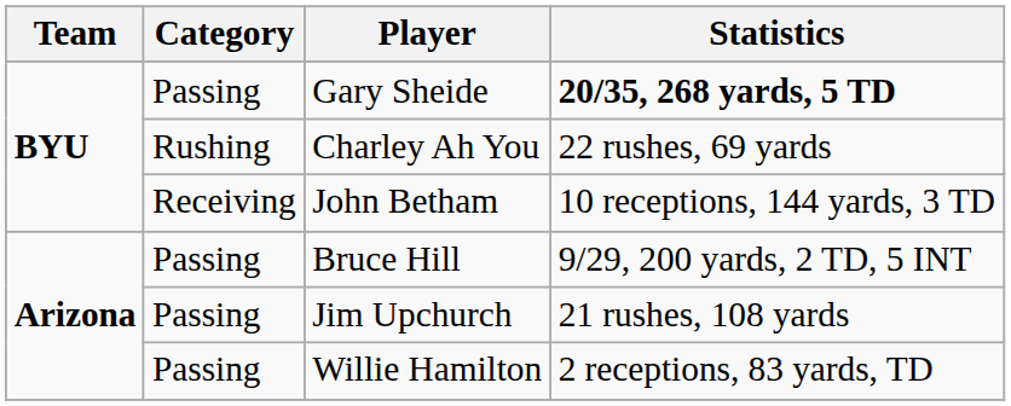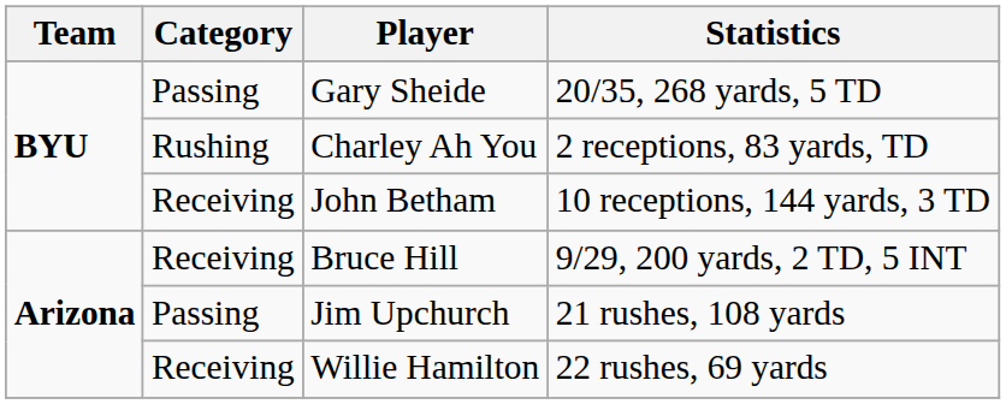 <table class="wikitable" style="float: left;">
 <tr>
 <th>Team</th>
 <th>Category</th>
 <th>Player</th>
 <th>Statistics</th>
 </tr>
 <tr>
 <td rowspan=3><strong>BYU</strong></td>
 <td>Passing</td>
 <td>Gary Sheide</td>
-<td><strong>20/35, 268 yards, 5 TD</strong></td>
+<td>20/35, 268 yards, 5 TD</td>
 </tr>
 <tr>
 <td>Rushing</td>
 <td>Charley Ah You</td>
-<td>22 rushes, 69 yards</td>
+<td>2 receptions, 83 yards, TD</td>
 </tr>
 <tr>
 <td>Receiving</td>
 <td>John Betham</td>
 <td>10 receptions, 144 yards, 3 TD</td>
 </tr>
 <tr>
 <td rowspan=3><strong>Arizona</strong></td>
-<td>Passing</td>
+<td>Receiving</td>
 <td>Bruce Hill</td>
 <td>9/29, 200 yards, 2 TD, 5 INT</td>
 </tr>
 <tr>
 <td>Passing</td>
 <td>Jim Upchurch</td>
 <td>21 rushes, 108 yards</td>
 </tr>
 <tr>
-<td>Passing</td>
+<td>Receiving</td>
 <td>Willie Hamilton</td>
-<td>2 receptions, 83 yards, TD</td>
+<td>22 rushes, 69 yards</td>
 </tr>
 </table>
